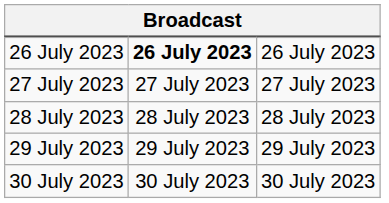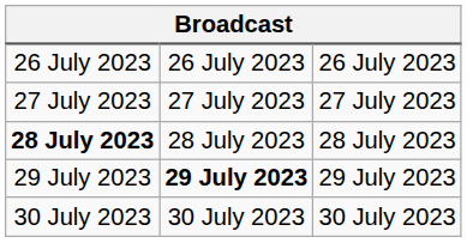 <table class=wikitable style="text-align:center;">
 <tr>
 <th colspan=4>Broadcast</th>
 </tr>
 <tr style="border-top: 2px solid #333333;">
 </tr>
 <tr>
 <td>26 July 2023 </td>
-<td><strong>26 July 2023 </strong></td>
+<td>26 July 2023 </td>
 <td>26 July 2023 </td>
 </tr>
 <tr>
 <td>27 July 2023 </td>
 <td>27 July 2023 </td>
 <td>27 July 2023 </td>
 </tr>
 <tr>
-<td>28 July 2023 </td>
+<td><strong>28 July 2023 </strong></td>
 <td>28 July 2023 </td>
 <td>28 July 2023 </td>
 </tr>
 <tr>
 <td>29 July 2023 </td>
-<td>29 July 2023 </td>
+<td><strong>29 July 2023 </strong></td>
 <td>29 July 2023 </td>
 </tr>
 <tr>
 <td>30 July 2023 </td>
 <td>30 July 2023 </td>
 <td>30 July 2023 </td>
 </tr>
 </table>
